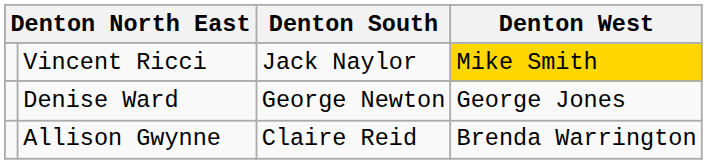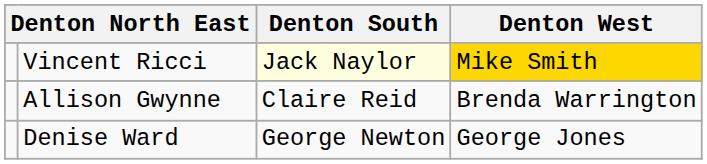 <table class="wikitable">
 <tr>
 <th colspan="2">Denton North East</th>
 <th>Denton South</th>
 <th>Denton West</th>
 </tr>
 <tr>
 <td style="background-color: "></td>
 <td>Vincent Ricci</td>
-<td>Jack Naylor</td>
+<td style="background: lightyellow;">Jack Naylor</td>
 <td style="background: gold;">Mike Smith</td>
+</tr>
+<tr>
+<td style="background-color: "></td>
+<td>Allison Gwynne</td>
+<td>Claire Reid</td>
+<td>Brenda Warrington</td>
 </tr>
 <tr>
 <td style="background-color: "></td>
 <td>Denise Ward</td>
 <td>George Newton</td>
 <td>George Jones</td>
 </tr>
-<tr>
-<td style="background-color: "></td>
-<td>Allison Gwynne</td>
-<td>Claire Reid</td>
-<td>Brenda Warrington</td>
-</tr>
 </table>
